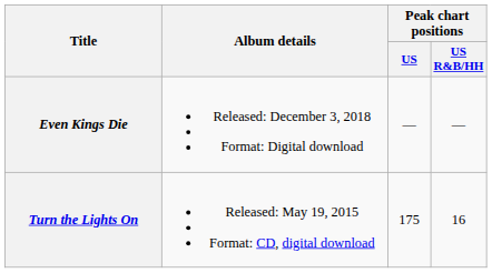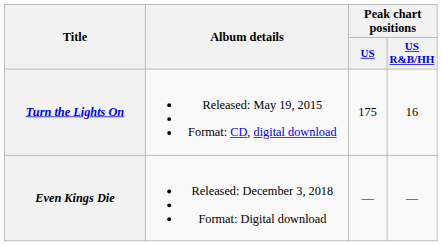 <table class="wikitable plainrowheaders" style="text-align:center;">
 <tr>
 <th scope="col" rowspan="2" style="width:11em;">Title</th>
 <th scope="col" rowspan="2" style="width:16em;">Album details</th>
 <th scope="col" colspan="2">Peak chart positions</th>
 </tr>
 <tr>
 <th scope="col" style="width:3em;font-size:90%;"><a href='#'>US</a></th>
 <th scope="col" style="width:3em;font-size:90%;"><a href='#'>US R&B/HH</a></th>
 </tr>
 <tr>
+<th scope="row"><em><a href='#'>Turn the Lights On</a></em></th>
+<td><br><ul><li>Released: May 19, 2015</li><li></li><li>Format: <a href='#'>CD</a>, <a href='#'>digital download</a></li></ul></td>
+<td>175</td>
+<td>16</td>
+</tr>
+<tr>
 <th scope="row"><em>Even Kings Die</em></th>
 <td><br><ul><li>Released: December 3, 2018</li><li></li><li>Format: Digital download</li></ul></td>
 <td>—</td>
 <td>—</td>
 </tr>
-<tr>
-<th scope="row"><em><a href='#'>Turn the Lights On</a></em></th>
-<td><br><ul><li>Released: May 19, 2015</li><li></li><li>Format: <a href='#'>CD</a>, <a href='#'>digital download</a></li></ul></td>
-<td>175</td>
-<td>16</td>
-</tr>
 </table>
